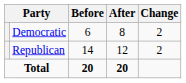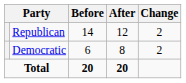 <table class="wikitable" style="text-align:center;">
 <tr>
 <th colspan="2">Party</th>
 <th>Before</th>
 <th>After</th>
 <th>Change</th>
 </tr>
 <tr>
 <th style="background-color:"></th>
-<td style="text-align:left;"><a href='#'>Democratic</a></td>
-<td>6</td>
-<td>8</td>
+<td style="text-align:left;"><a href='#'>Republican</a></td>
+<td>14</td>
+<td>12</td>
 <td> 2</td>
 </tr>
 <tr>
 <th style="background-color:"></th>
-<td style="text-align:left;"><a href='#'>Republican</a></td>
-<td>14</td>
-<td>12</td>
+<td style="text-align:left;"><a href='#'>Democratic</a></td>
+<td>6</td>
+<td>8</td>
 <td> 2</td>
 </tr>
 <tr>
 <td colspan="2"><strong>Total</strong></td>
 <td><strong>20</strong></td>
 <td><strong>20</strong></td>
 <td></td>
 </tr>
 </table>
